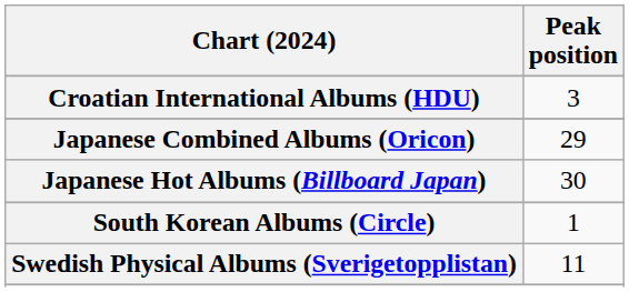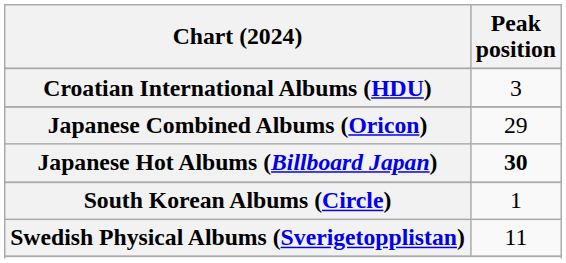 <table class="wikitable sortable plainrowheaders" style="text-align:center;">
 <tr>
 <th scope="col">Chart (2024)</th>
 <th scope="col">Peak<br>position</th>
 </tr>
 <tr>
 </tr>
 <tr>
 </tr>
 <tr>
 <th scope="row">Croatian International Albums (<a href='#'>HDU</a>)</th>
 <td>3</td>
 </tr>
 <tr>
 </tr>
 <tr>
 </tr>
 <tr>
 <th scope="row">Japanese Combined Albums (<a href='#'>Oricon</a>)</th>
 <td>29</td>
 </tr>
 <tr>
 <th scope="row">Japanese Hot Albums (<em><a href='#'>Billboard Japan</a></em>)</th>
-<td>30</td>
+<td><strong>30</strong></td>
 </tr>
 <tr>
 </tr>
 <tr>
 <th scope="row">South Korean Albums (<a href='#'>Circle</a>)</th>
 <td>1</td>
 </tr>
 <tr>
 <th scope="row">Swedish Physical Albums (<a href='#'>Sverigetopplistan</a>)</th>
 <td>11</td>
 </tr>
 <tr>
 </tr>
 <tr>
 </tr>
 <tr>
 </tr>
 </table>
